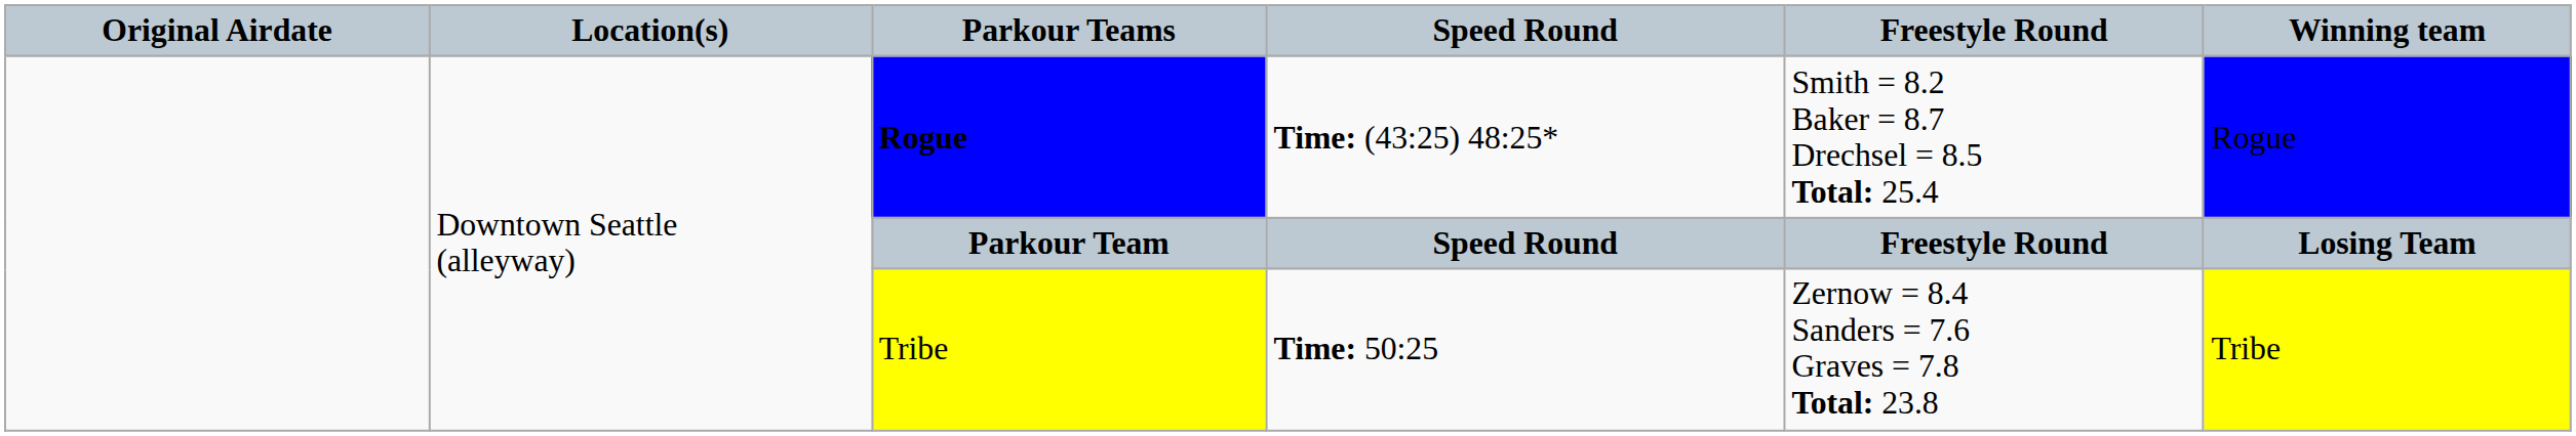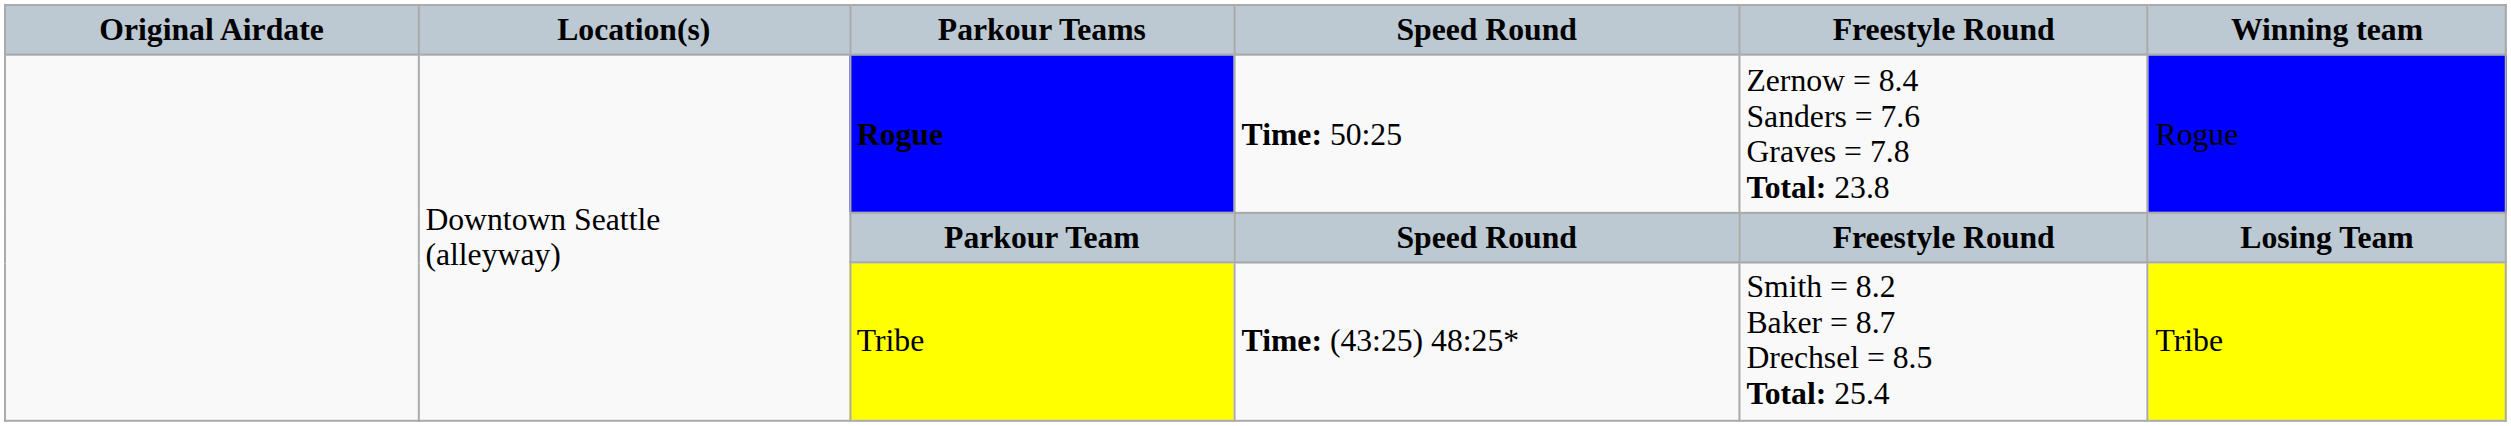 <table class="wikitable" style="margin: auto; width: 100%">
 <tr style="background:#BCC9D2; color:black">
 <th style="background-color: #BCC9D2;">Original Airdate</th>
 <th style="background-color: #BCC9D2;">Location(s)</th>
 <th style="background-color: #BCC9D2;">Parkour Teams</th>
 <th style="background-color: #BCC9D2;">Speed Round</th>
 <th style="background-color: #BCC9D2;">Freestyle Round</th>
 <th style="background-color: #BCC9D2;">Winning team</th>
 </tr>
 <tr>
 <td rowspan="3"></td>
 <td rowspan="3">Downtown Seattle<br>(alleyway)</td>
 <td bgcolor="Blue"><strong><span>Rogue</span></strong></td>
-<td><strong>Time:</strong> (43:25) 48:25*</td>
-<td>Smith = 8.2<br>Baker = 8.7<br>Drechsel = 8.5<br><strong>Total:</strong> 25.4</td>
+<td><strong>Time:</strong> 50:25</td>
+<td>Zernow = 8.4<br>Sanders = 7.6<br>Graves = 7.8<br><strong>Total:</strong> 23.8</td>
 <td bgcolor="Blue"><span>Rogue</span></td>
 </tr>
 <tr>
 <th style="background-color: #BCC9D2;">Parkour Team</th>
 <th style="background-color: #BCC9D2;">Speed Round</th>
 <th style="background-color: #BCC9D2;">Freestyle Round</th>
 <th style="background-color: #BCC9D2;">Losing Team</th>
 </tr>
 <tr>
 <td bgcolor="yellow"><span>Tribe</span></td>
-<td><strong>Time:</strong> 50:25</td>
-<td>Zernow = 8.4<br>Sanders = 7.6<br>Graves = 7.8<br><strong>Total:</strong> 23.8</td>
+<td><strong>Time:</strong> (43:25) 48:25*</td>
+<td>Smith = 8.2<br>Baker = 8.7<br>Drechsel = 8.5<br><strong>Total:</strong> 25.4</td>
 <td bgcolor="yellow"><span>Tribe</span></td>
 </tr>
 </table>
